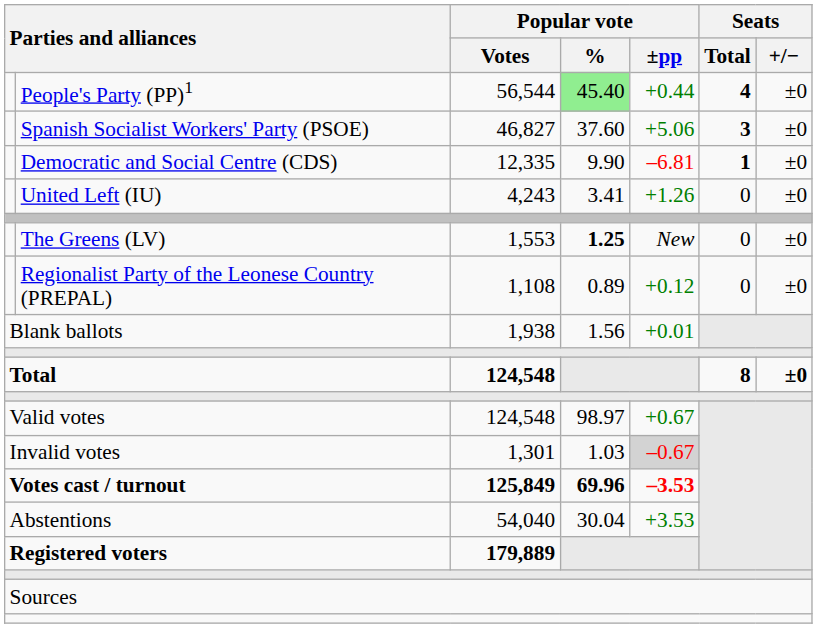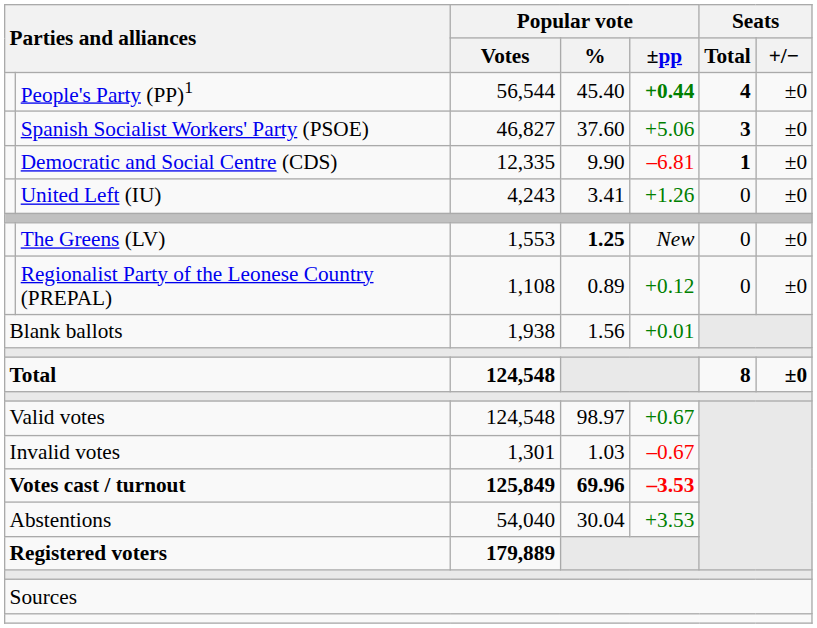 <table class="wikitable" style="text-align:right;">
 <tr>
 <th style="text-align:left;" rowspan="2" colspan="2" width="525">Parties and alliances</th>
 <th colspan="3">Popular vote</th>
 <th colspan="2">Seats</th>
 </tr>
 <tr>
 <th width="75">Votes</th>
 <th width="45">%</th>
 <th width="45">±<a href='#'>pp</a></th>
 <th width="35">Total</th>
 <th width="35">+/−</th>
 </tr>
 <tr>
 <td width="1" style="color:inherit;background:"></td>
 <td align="left"><a href='#'>People's Party</a> (PP)<sup>1</sup></td>
 <td>56,544</td>
-<td style="background: lightgreen;">45.40</td>
-<td style="color:green;">+0.44</td>
+<td>45.40</td>
+<td style="color:green;"><strong>+0.44</strong></td>
 <td><strong>4</strong></td>
 <td>±0</td>
 </tr>
 <tr>
 <td style="color:inherit;background:"></td>
 <td align="left"><a href='#'>Spanish Socialist Workers' Party</a> (PSOE)</td>
 <td>46,827</td>
 <td>37.60</td>
 <td style="color:green;">+5.06</td>
 <td><strong>3</strong></td>
 <td>±0</td>
 </tr>
 <tr>
 <td style="color:inherit;background:"></td>
 <td align="left"><a href='#'>Democratic and Social Centre</a> (CDS)</td>
 <td>12,335</td>
 <td>9.90</td>
 <td style="color:red;">–6.81</td>
 <td><strong>1</strong></td>
 <td>±0</td>
 </tr>
 <tr>
 <td style="color:inherit;background:"></td>
 <td align="left"><a href='#'>United Left</a> (IU)</td>
 <td>4,243</td>
 <td>3.41</td>
 <td style="color:green;">+1.26</td>
 <td>0</td>
 <td>±0</td>
 </tr>
 <tr>
 <td colspan="7" bgcolor="#C0C0C0"></td>
 </tr>
 <tr>
 <td style="color:inherit;background:"></td>
 <td align="left"><a href='#'>The Greens</a> (LV)</td>
 <td>1,553</td>
 <td><strong>1.25</strong></td>
 <td><em>New</em></td>
 <td>0</td>
 <td>±0</td>
 </tr>
 <tr>
 <td style="color:inherit;background:"></td>
 <td align="left"><a href='#'>Regionalist Party of the Leonese Country</a> (PREPAL)</td>
 <td>1,108</td>
 <td>0.89</td>
 <td style="color:green;">+0.12</td>
 <td>0</td>
 <td>±0</td>
 </tr>
 <tr>
 <td align="left" colspan="2">Blank ballots</td>
 <td>1,938</td>
 <td>1.56</td>
 <td style="color:green;">+0.01</td>
 <td bgcolor="#E9E9E9" colspan="2"></td>
 </tr>
 <tr>
 <td colspan="7" bgcolor="#E9E9E9"></td>
 </tr>
 <tr style="font-weight:bold;">
 <td align="left" colspan="2">Total</td>
 <td>124,548</td>
 <td bgcolor="#E9E9E9" colspan="2"></td>
 <td>8</td>
 <td>±0</td>
 </tr>
 <tr>
 <td colspan="7" bgcolor="#E9E9E9"></td>
 </tr>
 <tr>
 <td align="left" colspan="2">Valid votes</td>
 <td>124,548</td>
 <td>98.97</td>
 <td style="color:green;">+0.67</td>
 <td bgcolor="#E9E9E9" colspan="2" rowspan="5"></td>
 </tr>
 <tr>
 <td align="left" colspan="2">Invalid votes</td>
 <td>1,301</td>
 <td>1.03</td>
-<td style="background: lightgrey; color:red;">–0.67</td>
+<td style="color:red;">–0.67</td>
 </tr>
 <tr style="font-weight:bold;">
 <td align="left" colspan="2">Votes cast / turnout</td>
 <td>125,849</td>
 <td>69.96</td>
 <td style="color:red;">–3.53</td>
 </tr>
 <tr>
 <td align="left" colspan="2">Abstentions</td>
 <td>54,040</td>
 <td>30.04</td>
 <td style="color:green;">+3.53</td>
 </tr>
 <tr style="font-weight:bold;">
 <td align="left" colspan="2">Registered voters</td>
 <td>179,889</td>
 <td bgcolor="#E9E9E9" colspan="2"></td>
 </tr>
 <tr>
 <td colspan="7" bgcolor="#E9E9E9"></td>
 </tr>
 <tr>
 <td align="left" colspan="7">Sources</td>
 </tr>
 <tr>
 <td colspan="7" style="text-align:left; max-width:790px;"></td>
 </tr>
 </table>
